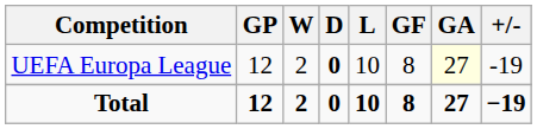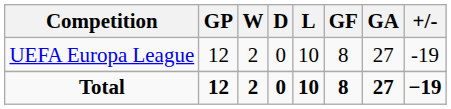 <table class="wikitable" style="text-align:center">
 <tr>
 <th>Competition</th>
 <th>GP</th>
 <th>W</th>
 <th>D</th>
 <th>L</th>
 <th>GF</th>
 <th>GA</th>
 <th>+/-</th>
 </tr>
 <tr>
 <td><a href='#'>UEFA Europa League</a></td>
 <td>12</td>
 <td>2</td>
-<td><strong>0</strong></td>
+<td>0</td>
 <td>10</td>
 <td>8</td>
-<td style="background: lightyellow;">27</td>
+<td>27</td>
 <td>-19</td>
 </tr>
 <tr>
 </tr>
 <tr class="unsortable">
 <td><strong>Total</strong></td>
 <td><strong>12</strong></td>
 <td><strong>2</strong></td>
 <td><strong>0</strong></td>
 <td><strong>10</strong></td>
 <td><strong>8</strong></td>
 <td><strong>27</strong></td>
 <td><strong>−19</strong></td>
 </tr>
 </table>
